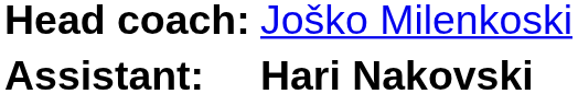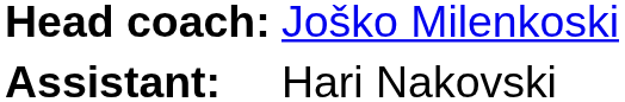 <table>
 <tr>
 <td><strong>Head coach:</strong></td>
 <td><a href='#'>Joško Milenkoski</a></td>
 </tr>
 <tr>
 <td><strong>Assistant:</strong></td>
-<td><strong>Hari Nakovski</strong></td>
+<td>Hari Nakovski</td>
 </tr>
 </table>
